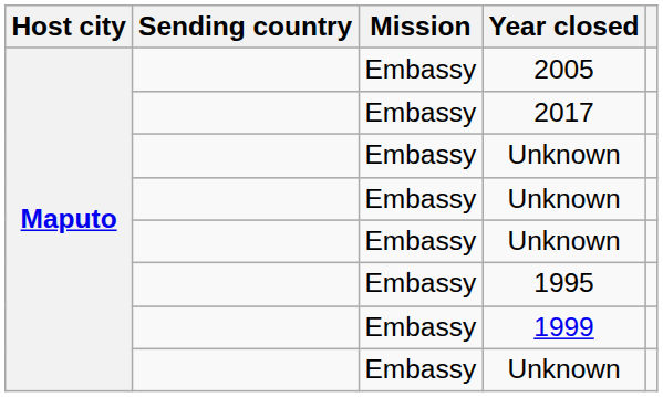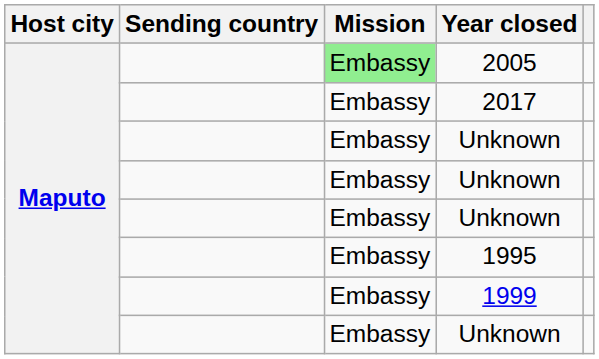 <table class="wikitable plainrowheaders">
 <tr>
 <th scope="col">Host city</th>
 <th scope="col">Sending country</th>
 <th scope="col">Mission</th>
 <th scope="col">Year closed</th>
 <th scope="col"></th>
 </tr>
 <tr>
 <th rowspan="8"><a href='#'>Maputo</a></th>
 <td></td>
-<td style="text-align:center;">Embassy</td>
+<td style="background: lightgreen; text-align:center;">Embassy</td>
 <td style="text-align:center;">2005</td>
 <td style="text-align:center;"></td>
 </tr>
 <tr>
 <td></td>
 <td style="text-align:center;">Embassy</td>
 <td style="text-align:center;">2017</td>
 <td style="text-align:center;"></td>
 </tr>
 <tr>
 <td></td>
 <td style="text-align:center;">Embassy</td>
 <td style="text-align:center;">Unknown</td>
 <td style="text-align:center;"></td>
 </tr>
 <tr>
 <td></td>
 <td style="text-align:center;">Embassy</td>
 <td style="text-align:center;">Unknown</td>
 <td style="text-align:center;"></td>
 </tr>
 <tr>
 <td></td>
 <td style="text-align:center;">Embassy</td>
 <td style="text-align:center;">Unknown</td>
 <td style="text-align:center;"></td>
 </tr>
 <tr>
 <td></td>
 <td style="text-align:center;">Embassy</td>
 <td style="text-align:center;">1995</td>
 <td style="text-align:center;"></td>
 </tr>
 <tr>
 <td></td>
 <td style="text-align:center;">Embassy</td>
 <td style="text-align:center;"><a href='#'>1999</a></td>
 <td style="text-align:center;"></td>
 </tr>
 <tr>
 <td></td>
 <td style="text-align:center;">Embassy</td>
 <td style="text-align:center;">Unknown</td>
 <td style="text-align:center;"></td>
 </tr>
 </table>
